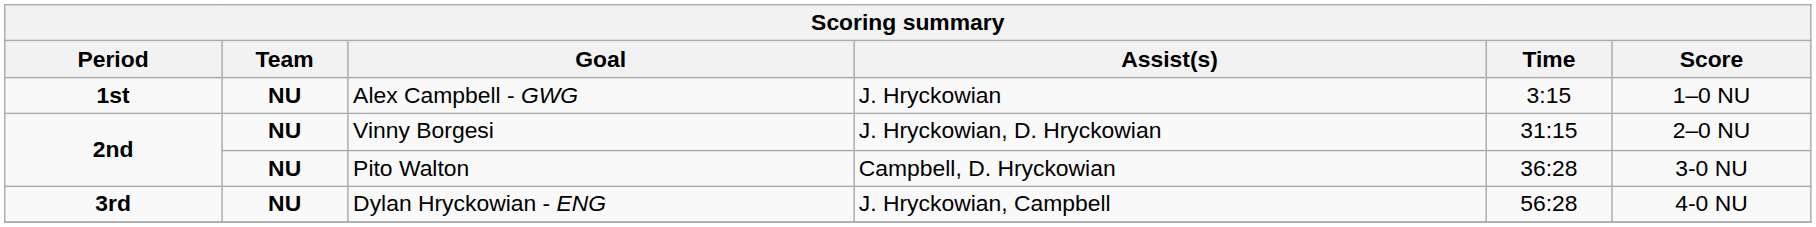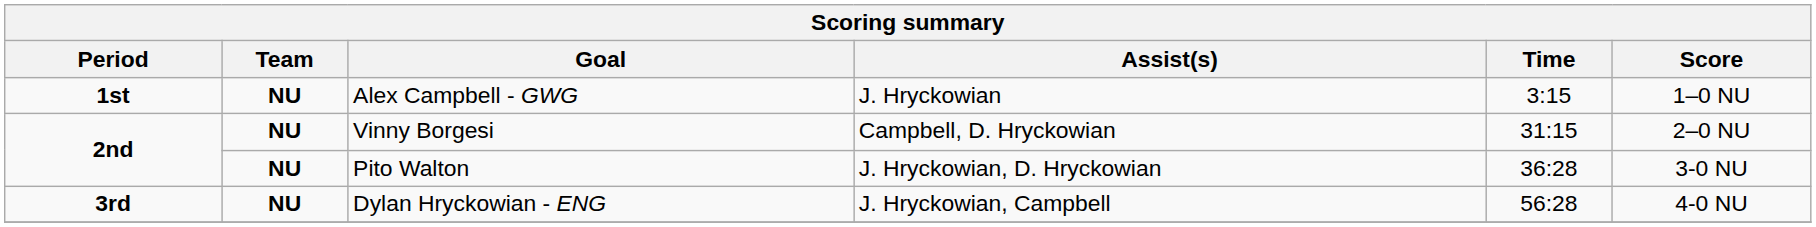 <table style="width:100%;" class="wikitable">
 <tr>
 <th colspan=6>Scoring summary</th>
 </tr>
 <tr>
 <th style="width:12%;">Period</th>
 <th style="width:7%;">Team</th>
 <th style="width:28%;">Goal</th>
 <th style="width:35%;">Assist(s)</th>
 <th style="width:7%;">Time</th>
 <th style="width:11%;">Score</th>
 </tr>
 <tr>
 <td style="text-align:center;" rowspan="1"><strong>1st</strong></td>
 <td align=center><strong>NU</strong></td>
 <td>Alex Campbell - <em>GWG</em></td>
 <td>J. Hryckowian</td>
 <td align=center>3:15</td>
 <td align=center>1–0 NU</td>
 </tr>
 <tr>
 <td style="text-align:center;" rowspan="2"><strong>2nd</strong></td>
 <td align=center><strong>NU</strong></td>
 <td>Vinny Borgesi</td>
-<td>J. Hryckowian, D. Hryckowian</td>
+<td>Campbell, D. Hryckowian</td>
 <td align=center>31:15</td>
 <td align=center>2–0 NU</td>
 </tr>
 <tr>
 <td align=center><strong>NU</strong></td>
 <td>Pito Walton</td>
-<td>Campbell, D. Hryckowian</td>
+<td>J. Hryckowian, D. Hryckowian</td>
 <td align=center>36:28</td>
 <td align=center>3-0 NU</td>
 </tr>
 <tr>
 <td style="text-align:center;" rowspan="1"><strong>3rd</strong></td>
 <td align=center><strong>NU</strong></td>
 <td>Dylan Hryckowian - <em>ENG</em></td>
 <td>J. Hryckowian, Campbell</td>
 <td align=center>56:28</td>
 <td align=center>4-0 NU</td>
 </tr>
 <tr>
 </tr>
 </table>
